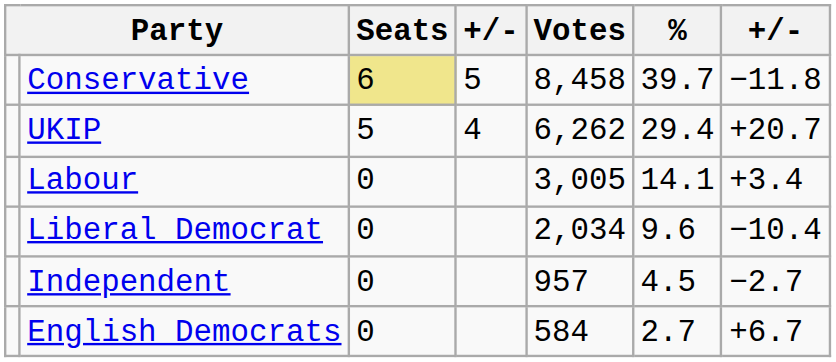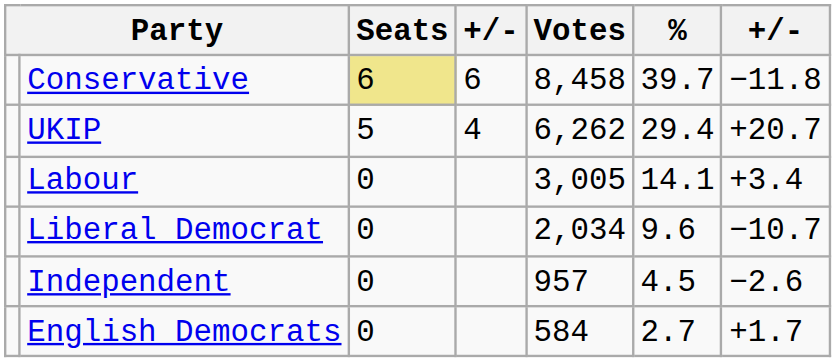 <table class="wikitable">
 <tr>
 <th colspan="2">Party</th>
 <th>Seats</th>
 <th>+/-</th>
 <th>Votes</th>
 <th>%</th>
 <th>+/-</th>
 </tr>
 <tr>
 <td style="background-color: "></td>
 <td><a href='#'>Conservative</a></td>
 <td style="background: khaki;">6</td>
-<td> 5</td>
+<td> 6</td>
 <td>8,458</td>
 <td>39.7</td>
 <td><span>−11.8</span></td>
 </tr>
 <tr>
 <td style="background-color: "></td>
 <td><a href='#'>UKIP</a></td>
 <td>5</td>
 <td> 4</td>
 <td>6,262</td>
 <td>29.4</td>
 <td><span>+20.7</span></td>
 </tr>
 <tr>
 <td style="background-color: "></td>
 <td><a href='#'>Labour</a></td>
 <td>0</td>
 <td></td>
 <td>3,005</td>
 <td>14.1</td>
 <td><span>+3.4</span></td>
 </tr>
 <tr>
 <td style="background-color: "></td>
 <td><a href='#'>Liberal Democrat</a></td>
 <td>0</td>
 <td></td>
 <td>2,034</td>
 <td>9.6</td>
-<td><span>−10.4</span></td>
+<td><span>−10.7</span></td>
 </tr>
 <tr>
 <td style="background-color: "></td>
 <td><a href='#'>Independent</a></td>
 <td>0</td>
 <td></td>
 <td>957</td>
 <td>4.5</td>
-<td><span>−2.7</span></td>
+<td><span>−2.6</span></td>
 </tr>
 <tr>
 <td style="background-color: "></td>
 <td><a href='#'>English Democrats</a></td>
 <td>0</td>
 <td></td>
 <td>584</td>
 <td>2.7</td>
-<td><span>+6.7</span></td>
+<td><span>+1.7</span></td>
 </tr>
 </table>
